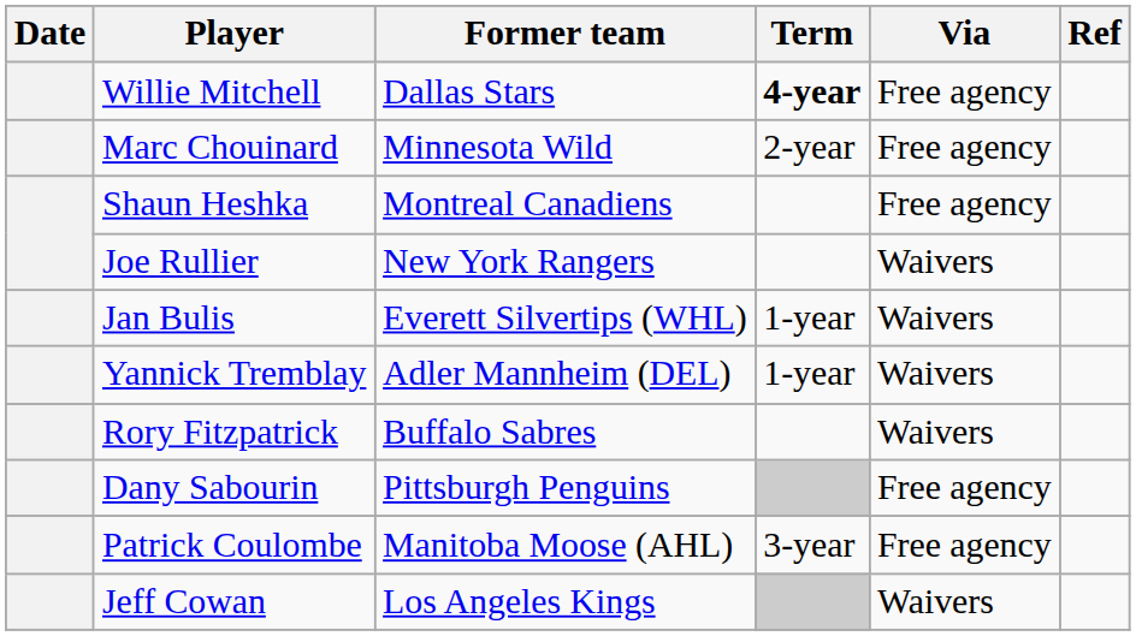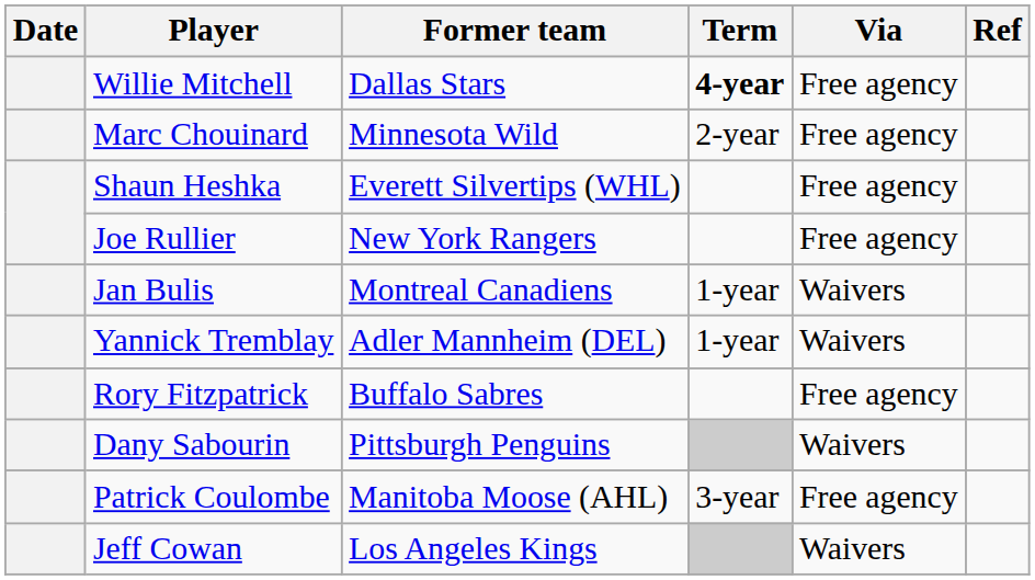 <table class="wikitable plainrowheaders">
 <tr style="background:#ddd; text-align:center;">
 <th>Date</th>
 <th>Player</th>
 <th>Former team</th>
 <th>Term</th>
 <th>Via</th>
 <th>Ref</th>
 </tr>
 <tr>
 <th scope="row"></th>
 <td><a href='#'>Willie Mitchell</a></td>
 <td><a href='#'>Dallas Stars</a></td>
 <td><strong>4-year</strong></td>
 <td>Free agency</td>
 <td></td>
 </tr>
 <tr>
 <th scope="row"></th>
 <td><a href='#'>Marc Chouinard</a></td>
 <td><a href='#'>Minnesota Wild</a></td>
 <td>2-year</td>
 <td>Free agency</td>
 <td></td>
 </tr>
 <tr>
 <th scope="row" rowspan=2></th>
 <td><a href='#'>Shaun Heshka</a></td>
-<td><a href='#'>Montreal Canadiens</a></td>
+<td><a href='#'>Everett Silvertips</a> (<a href='#'>WHL</a>)</td>
 <td></td>
 <td>Free agency</td>
 <td></td>
 </tr>
 <tr>
 <td><a href='#'>Joe Rullier</a></td>
 <td><a href='#'>New York Rangers</a></td>
 <td></td>
-<td>Waivers</td>
+<td>Free agency</td>
 <td></td>
 </tr>
 <tr>
 <th scope="row"></th>
 <td><a href='#'>Jan Bulis</a></td>
-<td><a href='#'>Everett Silvertips</a> (<a href='#'>WHL</a>)</td>
+<td><a href='#'>Montreal Canadiens</a></td>
 <td>1-year</td>
 <td>Waivers</td>
 <td></td>
 </tr>
 <tr>
 <th scope="row"></th>
 <td><a href='#'>Yannick Tremblay</a></td>
 <td><a href='#'>Adler Mannheim</a> (<a href='#'>DEL</a>)</td>
 <td>1-year</td>
 <td>Waivers</td>
 <td></td>
 </tr>
 <tr>
 <th scope="row"></th>
 <td><a href='#'>Rory Fitzpatrick</a></td>
 <td><a href='#'>Buffalo Sabres</a></td>
 <td></td>
-<td>Waivers</td>
+<td>Free agency</td>
 <td></td>
 </tr>
 <tr>
 <th scope="row"></th>
 <td><a href='#'>Dany Sabourin</a></td>
 <td><a href='#'>Pittsburgh Penguins</a></td>
 <td style="background:#ccc"></td>
-<td>Free agency</td>
+<td>Waivers</td>
 <td></td>
 </tr>
 <tr>
 <th scope="row"></th>
 <td><a href='#'>Patrick Coulombe</a></td>
 <td><a href='#'>Manitoba Moose</a> (AHL)</td>
 <td>3-year</td>
 <td>Free agency</td>
 <td></td>
 </tr>
 <tr>
 <th scope="row"></th>
 <td><a href='#'>Jeff Cowan</a></td>
 <td><a href='#'>Los Angeles Kings</a></td>
 <td style="background:#ccc"></td>
 <td>Waivers</td>
 <td></td>
 </tr>
 </table>
